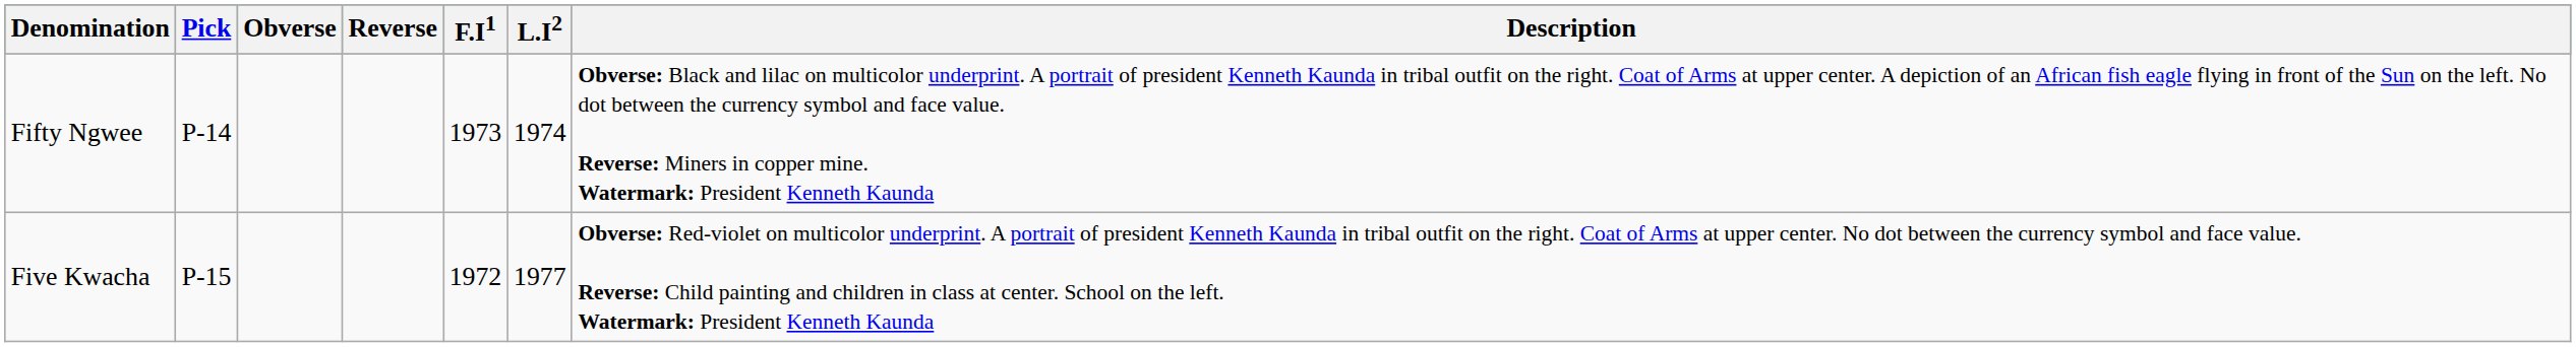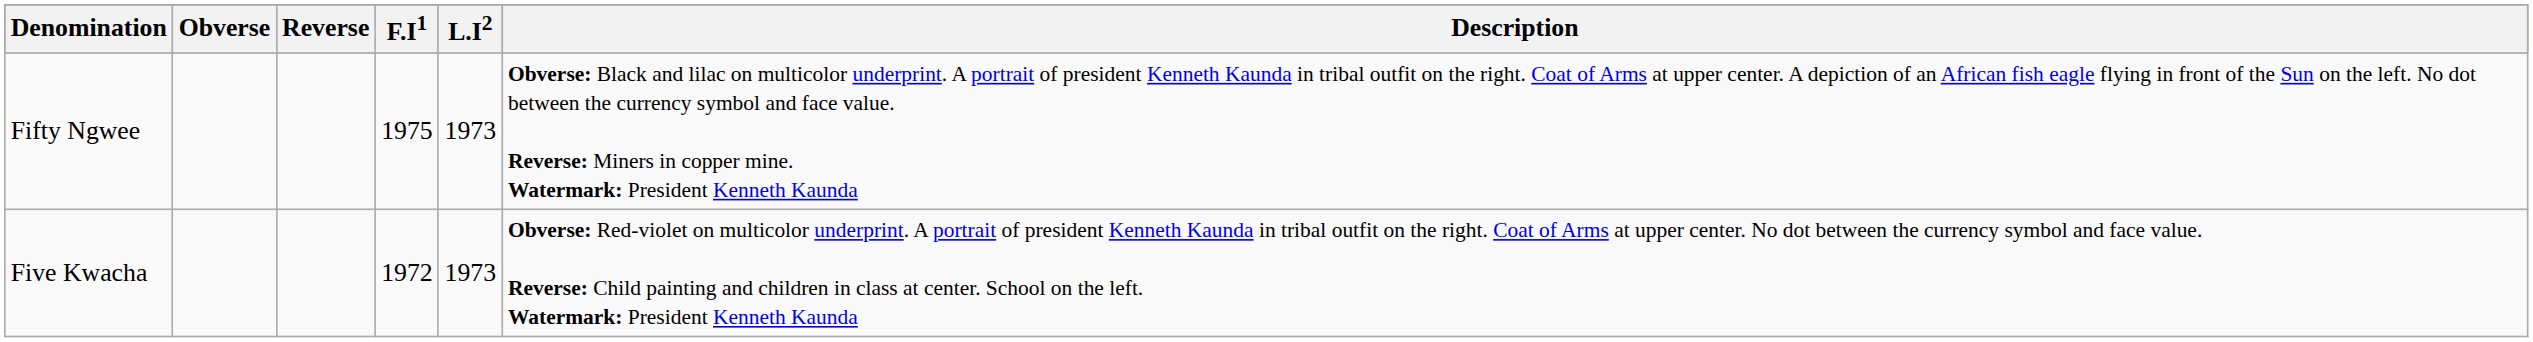 <table class="wikitable">
 <tr style="background:#2E8B57;">
 <th>Denomination</th>
-<th><a href='#'>Pick</a></th>
 <th>Obverse</th>
 <th>Reverse</th>
 <th>F.I<sup>1</sup></th>
 <th>L.I<sup>2</sup></th>
 <th>Description</th>
 </tr>
 <tr>
 <td>Fifty Ngwee</td>
-<td>P-14</td>
 <td></td>
 <td></td>
+<td>1975</td>
 <td>1973</td>
-<td>1974</td>
 <td><small><strong>Obverse:</strong> Black and lilac on multicolor <a href='#'>underprint</a>. A <a href='#'>portrait</a> of president <a href='#'>Kenneth Kaunda</a> in tribal outfit on the right. <a href='#'>Coat of Arms</a> at upper center. A depiction of an <a href='#'>African fish eagle</a> flying in front of the <a href='#'>Sun</a> on the left. No dot between the currency symbol and face value. </small><br><br><small><strong>Reverse:</strong> Miners in copper mine.</small><br> <small><strong>Watermark:</strong> President <a href='#'>Kenneth Kaunda</a></small></td>
 </tr>
 <tr>
 <td>Five Kwacha</td>
-<td>P-15</td>
 <td></td>
 <td></td>
 <td>1972</td>
-<td>1977</td>
+<td>1973</td>
 <td><small><strong>Obverse:</strong> Red-violet on multicolor <a href='#'>underprint</a>. A <a href='#'>portrait</a> of president <a href='#'>Kenneth Kaunda</a> in tribal outfit on the right. <a href='#'>Coat of Arms</a> at upper center. No dot between the currency symbol and face value.</small><br><br><small><strong>Reverse:</strong> Child painting and children in class at center. School on the left.</small><br> <small><strong>Watermark:</strong> President <a href='#'>Kenneth Kaunda</a></small></td>
 </tr>
 </table>
